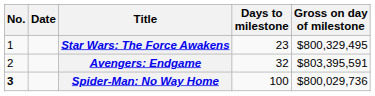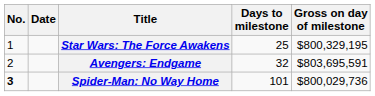 <table class="wikitable">
 <tr>
 <th scope="col">No.</th>
 <th scope="col">Date</th>
 <th scope="col">Title</th>
 <th scope="col">Days to <br>milestone</th>
 <th scope="col">Gross on day <br>of milestone</th>
 </tr>
 <tr>
 <td>1</td>
 <td></td>
 <th scope="row"><em><a href='#'>Star Wars: The Force Awakens</a></em></th>
-<td style="text-align:right;">23</td>
-<td style="text-align:right;">$800,329,495</td>
+<td style="text-align:right;">25</td>
+<td style="text-align:right;">$800,329,195</td>
 </tr>
 <tr>
 <td>2</td>
 <td></td>
 <th scope="row"><em><a href='#'>Avengers: Endgame</a></em></th>
 <td style="text-align:right;">32</td>
-<td style="text-align:right;">$803,395,591</td>
+<td style="text-align:right;">$803,695,591</td>
 </tr>
 <tr>
 <td><strong>3</strong></td>
 <td></td>
 <th scope="row"><em><a href='#'>Spider-Man: No Way Home</a></em></th>
-<td style="text-align:right;">100</td>
+<td style="text-align:right;">101</td>
 <td style="text-align:right;">$800,029,736</td>
 </tr>
 </table>
